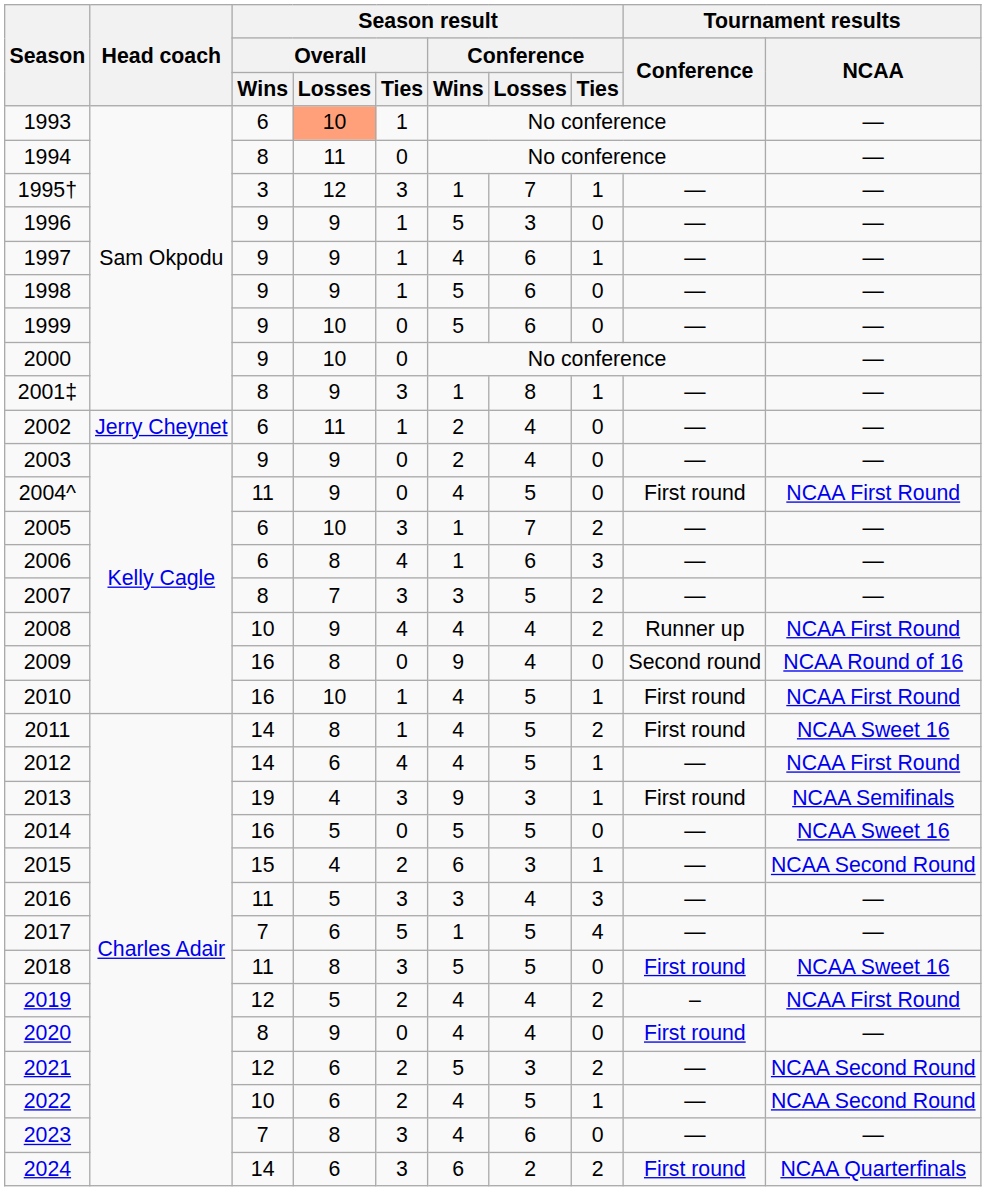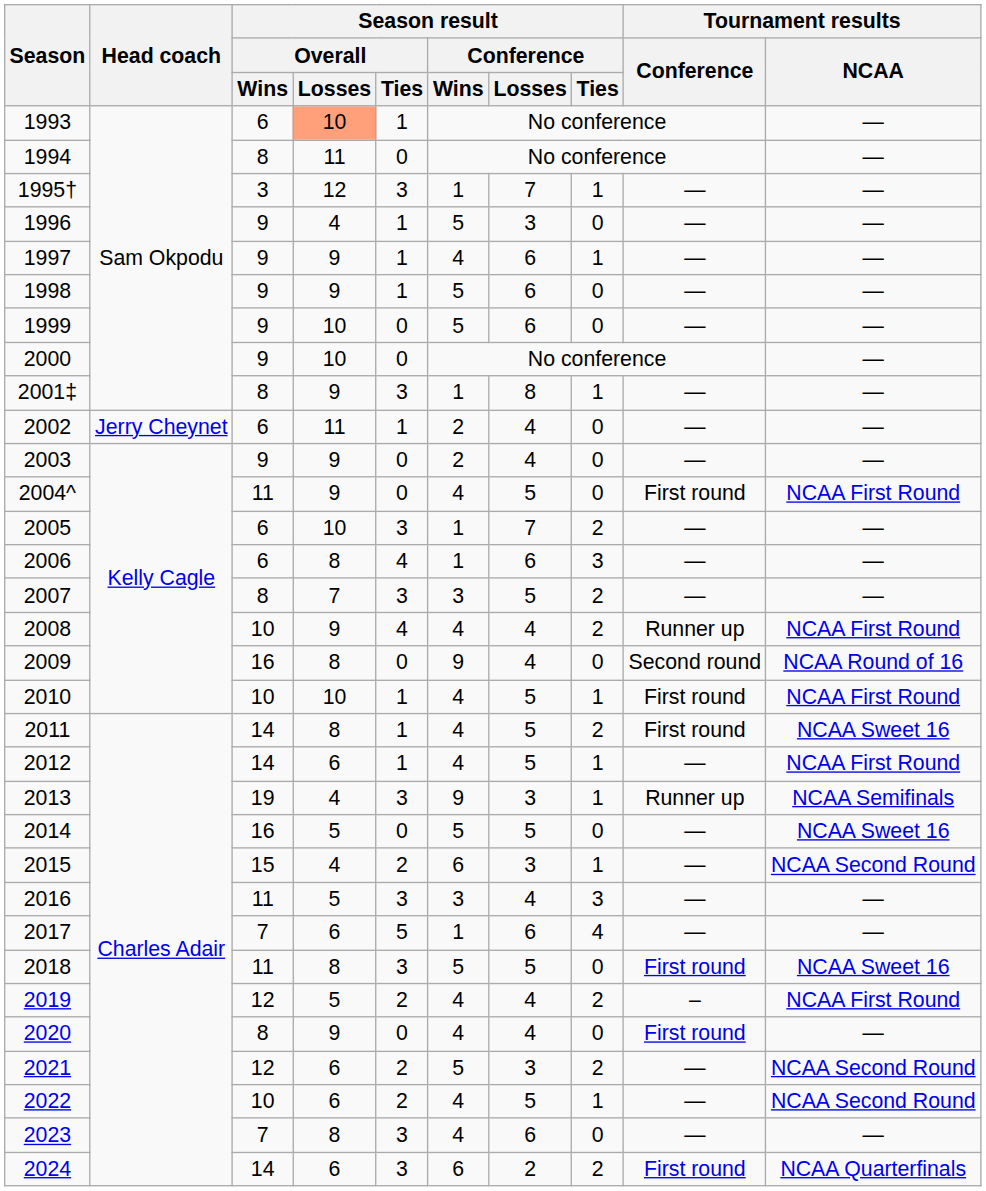 <table class="wikitable" style="font-size: %; text-align:center;">
 <tr>
 <th rowspan=3 width=px>Season</th>
 <th rowspan=3 width=px>Head coach</th>
 <th colspan=6 width=px>Season result</th>
 <th colspan=2 width=px>Tournament results</th>
 </tr>
 <tr>
 <th colspan=3 width=px>Overall</th>
 <th colspan=3 width=px>Conference</th>
 <th rowspan=2 width=px>Conference</th>
 <th rowspan=2 width=px>NCAA</th>
 </tr>
 <tr>
 <th width=px>Wins</th>
 <th width=px>Losses</th>
 <th width=px>Ties</th>
 <th width=px>Wins</th>
 <th width=px>Losses</th>
 <th width=px>Ties</th>
 </tr>
 <tr>
 <td>1993</td>
 <td rowspan=9>Sam Okpodu</td>
 <td>6</td>
 <td style="background: lightsalmon;">10</td>
 <td>1</td>
 <td colspan=4>No conference</td>
 <td>—</td>
 </tr>
 <tr>
 <td>1994</td>
 <td>8</td>
 <td>11</td>
 <td>0</td>
 <td colspan=4>No conference</td>
 <td>—</td>
 </tr>
 <tr>
 <td>1995†</td>
 <td>3</td>
 <td>12</td>
 <td>3</td>
 <td>1</td>
 <td>7</td>
 <td>1</td>
 <td>—</td>
 <td>—</td>
 </tr>
 <tr>
 <td>1996</td>
 <td>9</td>
-<td>9</td>
+<td>4</td>
 <td>1</td>
 <td>5</td>
 <td>3</td>
 <td>0</td>
 <td>—</td>
 <td>—</td>
 </tr>
 <tr>
 <td>1997</td>
 <td>9</td>
 <td>9</td>
 <td>1</td>
 <td>4</td>
 <td>6</td>
 <td>1</td>
 <td>—</td>
 <td>—</td>
 </tr>
 <tr>
 <td>1998</td>
 <td>9</td>
 <td>9</td>
 <td>1</td>
 <td>5</td>
 <td>6</td>
 <td>0</td>
 <td>—</td>
 <td>—</td>
 </tr>
 <tr>
 <td>1999</td>
 <td>9</td>
 <td>10</td>
 <td>0</td>
 <td>5</td>
 <td>6</td>
 <td>0</td>
 <td>—</td>
 <td>—</td>
 </tr>
 <tr>
 <td>2000</td>
 <td>9</td>
 <td>10</td>
 <td>0</td>
 <td colspan=4>No conference</td>
 <td>—</td>
 </tr>
 <tr>
 <td>2001‡</td>
 <td>8</td>
 <td>9</td>
 <td>3</td>
 <td>1</td>
 <td>8</td>
 <td>1</td>
 <td>—</td>
 <td>—</td>
 </tr>
 <tr>
 <td>2002</td>
 <td><a href='#'>Jerry Cheynet</a></td>
 <td>6</td>
 <td>11</td>
 <td>1</td>
 <td>2</td>
 <td>4</td>
 <td>0</td>
 <td>—</td>
 <td>—</td>
 </tr>
 <tr>
 <td>2003</td>
 <td rowspan=8><a href='#'>Kelly Cagle</a></td>
 <td>9</td>
 <td>9</td>
 <td>0</td>
 <td>2</td>
 <td>4</td>
 <td>0</td>
 <td>—</td>
 <td>—</td>
 </tr>
 <tr>
 <td>2004^</td>
 <td>11</td>
 <td>9</td>
 <td>0</td>
 <td>4</td>
 <td>5</td>
 <td>0</td>
 <td>First round</td>
 <td><a href='#'>NCAA First Round</a></td>
 </tr>
 <tr>
 <td>2005</td>
 <td>6</td>
 <td>10</td>
 <td>3</td>
 <td>1</td>
 <td>7</td>
 <td>2</td>
 <td>—</td>
 <td>—</td>
 </tr>
 <tr>
 <td>2006</td>
 <td>6</td>
 <td>8</td>
 <td>4</td>
 <td>1</td>
 <td>6</td>
 <td>3</td>
 <td>—</td>
 <td>—</td>
 </tr>
 <tr>
 <td>2007</td>
 <td>8</td>
 <td>7</td>
 <td>3</td>
 <td>3</td>
 <td>5</td>
 <td>2</td>
 <td>—</td>
 <td>—</td>
 </tr>
 <tr>
 <td>2008</td>
 <td>10</td>
 <td>9</td>
 <td>4</td>
 <td>4</td>
 <td>4</td>
 <td>2</td>
 <td>Runner up</td>
 <td><a href='#'>NCAA First Round</a></td>
 </tr>
 <tr>
 <td>2009</td>
 <td>16</td>
 <td>8</td>
 <td>0</td>
 <td>9</td>
 <td>4</td>
 <td>0</td>
 <td>Second round</td>
 <td><a href='#'>NCAA Round of 16</a></td>
 </tr>
 <tr>
 <td>2010</td>
-<td>16</td>
+<td>10</td>
 <td>10</td>
 <td>1</td>
 <td>4</td>
 <td>5</td>
 <td>1</td>
 <td>First round</td>
 <td><a href='#'>NCAA First Round</a></td>
 </tr>
 <tr>
 <td>2011</td>
 <td rowspan=14><a href='#'>Charles Adair</a></td>
 <td>14</td>
 <td>8</td>
 <td>1</td>
 <td>4</td>
 <td>5</td>
 <td>2</td>
 <td>First round</td>
 <td><a href='#'>NCAA Sweet 16</a></td>
 </tr>
 <tr>
 <td>2012</td>
 <td>14</td>
 <td>6</td>
-<td>4</td>
+<td>1</td>
 <td>4</td>
 <td>5</td>
 <td>1</td>
 <td>—</td>
 <td><a href='#'>NCAA First Round</a></td>
 </tr>
 <tr>
 <td>2013</td>
 <td>19</td>
 <td>4</td>
 <td>3</td>
 <td>9</td>
 <td>3</td>
 <td>1</td>
-<td>First round</td>
+<td>Runner up</td>
 <td><a href='#'>NCAA Semifinals</a></td>
 </tr>
 <tr>
 <td>2014</td>
 <td>16</td>
 <td>5</td>
 <td>0</td>
 <td>5</td>
 <td>5</td>
 <td>0</td>
 <td>—</td>
 <td><a href='#'>NCAA Sweet 16</a></td>
 </tr>
 <tr>
 <td>2015</td>
 <td>15</td>
 <td>4</td>
 <td>2</td>
 <td>6</td>
 <td>3</td>
 <td>1</td>
 <td>—</td>
 <td><a href='#'>NCAA Second Round</a></td>
 </tr>
 <tr>
 <td>2016</td>
 <td>11</td>
 <td>5</td>
 <td>3</td>
 <td>3</td>
 <td>4</td>
 <td>3</td>
 <td>—</td>
 <td>—</td>
 </tr>
 <tr>
 <td>2017</td>
 <td>7</td>
 <td>6</td>
 <td>5</td>
 <td>1</td>
-<td>5</td>
+<td>6</td>
 <td>4</td>
 <td>—</td>
 <td>—</td>
 </tr>
 <tr>
 <td>2018</td>
 <td>11</td>
 <td>8</td>
 <td>3</td>
 <td>5</td>
 <td>5</td>
 <td>0</td>
 <td><a href='#'>First round</a></td>
 <td><a href='#'>NCAA Sweet 16</a></td>
 </tr>
 <tr>
 <td><a href='#'>2019</a></td>
 <td>12</td>
 <td>5</td>
 <td>2</td>
 <td>4</td>
 <td>4</td>
 <td>2</td>
 <td>–</td>
 <td><a href='#'>NCAA First Round</a></td>
 </tr>
 <tr>
 <td><a href='#'>2020</a></td>
 <td>8</td>
 <td>9</td>
 <td>0</td>
 <td>4</td>
 <td>4</td>
 <td>0</td>
 <td><a href='#'>First round</a></td>
 <td>—</td>
 </tr>
 <tr>
 <td><a href='#'>2021</a></td>
 <td>12</td>
 <td>6</td>
 <td>2</td>
 <td>5</td>
 <td>3</td>
 <td>2</td>
 <td>—</td>
 <td><a href='#'>NCAA Second Round</a></td>
 </tr>
 <tr>
 <td><a href='#'>2022</a></td>
 <td>10</td>
 <td>6</td>
 <td>2</td>
 <td>4</td>
 <td>5</td>
 <td>1</td>
 <td>—</td>
 <td><a href='#'>NCAA Second Round</a></td>
 </tr>
 <tr>
 <td><a href='#'>2023</a></td>
 <td>7</td>
 <td>8</td>
 <td>3</td>
 <td>4</td>
 <td>6</td>
 <td>0</td>
 <td>—</td>
 <td>—</td>
 </tr>
 <tr>
 <td><a href='#'>2024</a></td>
 <td>14</td>
 <td>6</td>
 <td>3</td>
 <td>6</td>
 <td>2</td>
 <td>2</td>
 <td><a href='#'>First round</a></td>
 <td><a href='#'>NCAA Quarterfinals</a></td>
 </tr>
 </table>
